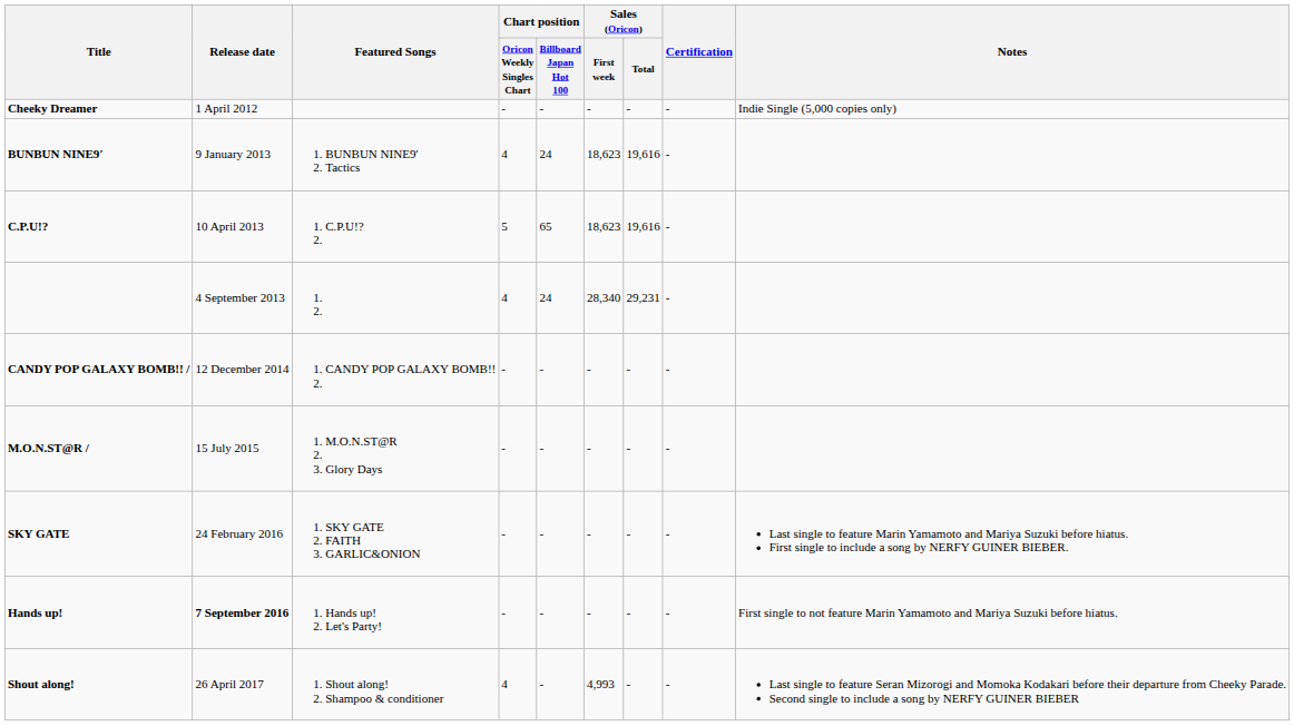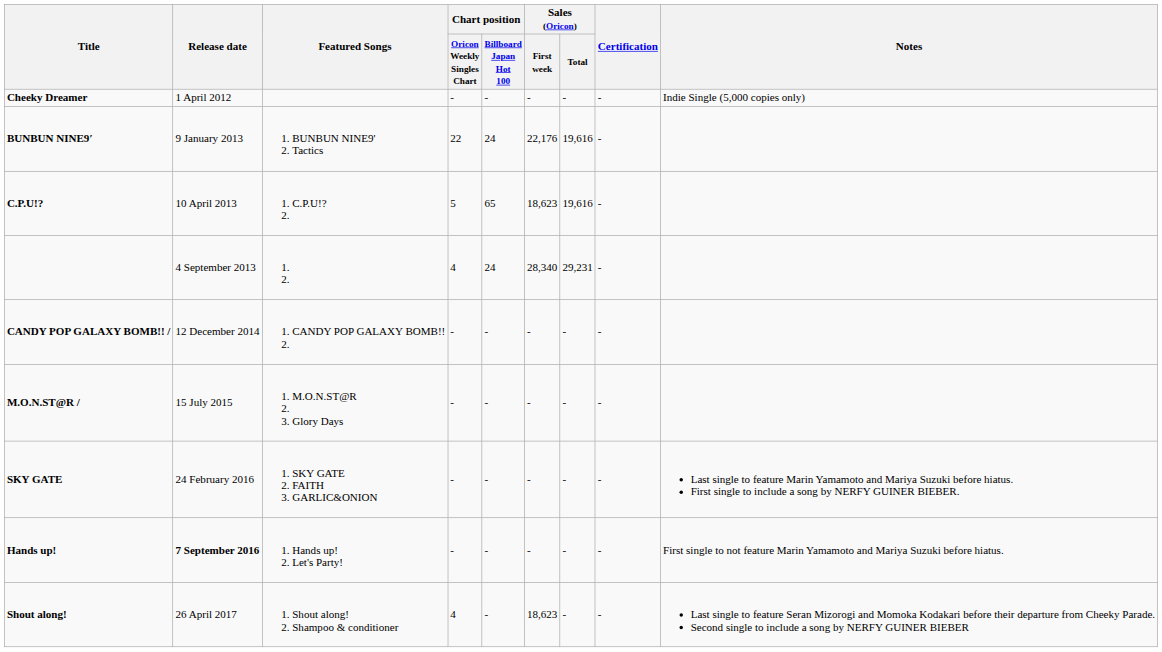 <table class="wikitable">
 <tr>
 <th rowspan="2">Title</th>
 <th rowspan="2">Release date</th>
 <th rowspan="2">Featured Songs</th>
 <th colspan="2">Chart position</th>
 <th colspan="2">Sales<br><small>(<a href='#'>Oricon</a>)</small></th>
 <th rowspan="2"><a href='#'>Certification</a></th>
 <th rowspan="2">Notes</th>
 </tr>
 <tr>
 <th><small><a href='#'>Oricon</a><br>Weekly<br>Singles<br>Chart</small></th>
 <th><small><a href='#'>Billboard<br>Japan</a><br><a href='#'>Hot<br>100</a></small></th>
 <th><small>First<br>week</small></th>
 <th><small>Total</small></th>
 </tr>
 <tr>
 <td><strong>Cheeky Dreamer</strong></td>
 <td>1 April 2012</td>
 <td></td>
 <td>-</td>
 <td>-</td>
 <td>-</td>
 <td>-</td>
 <td>-</td>
 <td>Indie Single (5,000 copies only)</td>
 </tr>
 <tr>
 <td><strong>BUNBUN NINE9′</strong></td>
 <td>9 January 2013</td>
 <td><br><ol><li>BUNBUN NINE9'</li><li>Tactics</li></ol></td>
-<td>4</td>
+<td>22</td>
 <td>24</td>
-<td>18,623</td>
+<td>22,176</td>
 <td>19,616</td>
 <td>-</td>
 <td></td>
 </tr>
 <tr>
 <td><strong>C.P.U!?</strong></td>
 <td>10 April 2013</td>
 <td><br><ol><li>C.P.U!?</li><li></li></ol></td>
 <td>5</td>
 <td>65</td>
 <td>18,623</td>
 <td>19,616</td>
 <td>-</td>
 <td></td>
 </tr>
 <tr>
 <td><strong></strong></td>
 <td>4 September 2013</td>
 <td><br><ol><li></li><li></li></ol></td>
 <td>4</td>
 <td>24</td>
 <td>28,340</td>
 <td>29,231</td>
 <td>-</td>
 <td></td>
 </tr>
 <tr>
 <td><strong>CANDY POP GALAXY BOMB!! / </strong></td>
 <td>12 December 2014</td>
 <td><br><ol><li>CANDY POP GALAXY BOMB!!</li><li></li></ol></td>
 <td>-</td>
 <td>-</td>
 <td>-</td>
 <td>-</td>
 <td>-</td>
 <td></td>
 </tr>
 <tr>
 <td><strong>M.O.N.ST@R / </strong></td>
 <td>15 July 2015</td>
 <td><br><ol><li>M.O.N.ST@R</li><li></li><li>Glory Days</li></ol></td>
 <td>-</td>
 <td>-</td>
 <td>-</td>
 <td>-</td>
 <td>-</td>
 <td></td>
 </tr>
 <tr>
 <td><strong>SKY GATE</strong></td>
 <td>24 February 2016</td>
 <td><br><ol><li>SKY GATE</li><li>FAITH</li><li>GARLIC&ONION</li></ol></td>
 <td>-</td>
 <td>-</td>
 <td>-</td>
 <td>-</td>
 <td>-</td>
 <td><br><ul><li>Last single to feature Marin Yamamoto and Mariya Suzuki before hiatus.</li><li>First single to include a song by NERFY GUINER BIEBER.</li></ul></td>
 </tr>
 <tr>
 <td><strong>Hands up!</strong></td>
 <td><strong>7 September 2016</strong></td>
 <td><br><ol><li>Hands up!</li><li>Let's Party!</li></ol></td>
 <td>-</td>
 <td>-</td>
 <td>-</td>
 <td>-</td>
 <td>-</td>
 <td>First single to not feature Marin Yamamoto and Mariya Suzuki before hiatus.</td>
 </tr>
 <tr>
 <td><strong>Shout along!</strong></td>
 <td>26 April 2017</td>
 <td><br><ol><li>Shout along!</li><li>Shampoo & conditioner</li></ol></td>
 <td>4</td>
 <td>-</td>
-<td>4,993</td>
+<td>18,623</td>
 <td>-</td>
 <td>-</td>
 <td><br><ul><li>Last single to feature Seran Mizorogi and Momoka Kodakari before their departure from Cheeky Parade.</li><li>Second single to include a song by NERFY GUINER BIEBER</li></ul></td>
 </tr>
 </table>
